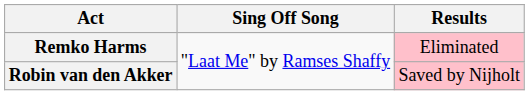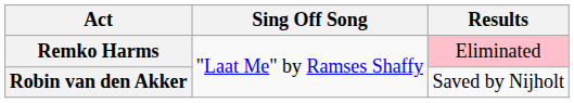 <table class="wikitable plainrowheaders" style="text-align:center;">
 <tr>
 <th scope="col">Act</th>
 <th scope="col">Sing Off Song</th>
 <th scope="col">Results</th>
 </tr>
 <tr>
 <th scope="row">Remko Harms</th>
 <td rowspan="2">"<a href='#'>Laat Me</a>" by <a href='#'>Ramses Shaffy</a></td>
 <td style="background:pink;">Eliminated</td>
 </tr>
 <tr>
 <th scope="row">Robin van den Akker</th>
-<td style="background: pink;">Saved by Nijholt</td>
+<td>Saved by Nijholt</td>
 </tr>
 </table>
